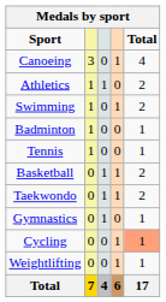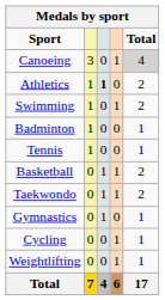 <table class="wikitable" style="font-size:85%; float:right;">
 <tr style="background:#efefef;">
 <th colspan=7>Medals by sport</th>
 </tr>
 <tr align=center>
 <td><strong>Sport</strong></td>
 <td style="background:#f7f6a8;"></td>
 <td style="background:#dce5e5;"></td>
 <td style="background:#ffdab9;"></td>
 <td><strong>Total</strong></td>
 </tr>
 <tr align=center>
 <td><a href='#'>Canoeing</a></td>
 <td style="background:#f7f6a8;">3</td>
 <td style="background:#dce5e5;">0</td>
 <td style="background:#ffdab9;">1</td>
-<td>4</td>
+<td style="background: lightgrey;">4</td>
 </tr>
 <tr align=center>
 <td><a href='#'>Athletics</a></td>
 <td style="background:#f7f6a8;">1</td>
-<td style="background:#dce5e5;">1</td>
+<td style="background:#dce5e5;"><strong>1</strong></td>
 <td style="background:#ffdab9;">0</td>
 <td>2</td>
 </tr>
 <tr align=center>
 <td><a href='#'>Swimming</a></td>
 <td style="background:#f7f6a8;">1</td>
 <td style="background:#dce5e5;">0</td>
 <td style="background:#ffdab9;">1</td>
 <td>2</td>
 </tr>
 <tr align=center>
 <td><a href='#'>Badminton</a></td>
 <td style="background:#f7f6a8;">1</td>
 <td style="background:#dce5e5;">0</td>
 <td style="background:#ffdab9;">0</td>
 <td>1</td>
 </tr>
 <tr align=center>
 <td><a href='#'>Tennis</a></td>
 <td style="background:#f7f6a8;">1</td>
 <td style="background:#dce5e5;">0</td>
 <td style="background:#ffdab9;">0</td>
 <td>1</td>
 </tr>
 <tr align=center>
 <td><a href='#'>Basketball</a></td>
 <td style="background:#f7f6a8;">0</td>
 <td style="background:#dce5e5;">1</td>
 <td style="background:#ffdab9;">1</td>
 <td>2</td>
 </tr>
 <tr align=center>
 <td><a href='#'>Taekwondo</a></td>
 <td style="background:#f7f6a8;">0</td>
 <td style="background:#dce5e5;">1</td>
 <td style="background:#ffdab9;">1</td>
 <td>2</td>
 </tr>
 <tr align=center>
 <td><a href='#'>Gymnastics</a></td>
 <td style="background:#f7f6a8;">0</td>
 <td style="background:#dce5e5;">1</td>
 <td style="background:#ffdab9;">0</td>
 <td>1</td>
 </tr>
 <tr align=center>
 <td><a href='#'>Cycling</a></td>
 <td style="background:#f7f6a8;">0</td>
 <td style="background:#dce5e5;">0</td>
 <td style="background:#ffdab9;">1</td>
-<td style="background: lightsalmon;">1</td>
+<td>1</td>
 </tr>
 <tr align=center>
 <td><a href='#'>Weightlifting</a></td>
 <td style="background:#f7f6a8;">0</td>
 <td style="background:#dce5e5;">0</td>
 <td style="background:#ffdab9;">1</td>
 <td>1</td>
 </tr>
 <tr align=center>
 <th>Total</th>
 <th style="background:gold;">7</th>
 <th style="background:silver;">4</th>
 <th style="background:#c96;">6</th>
 <th>17</th>
 </tr>
 </table>
